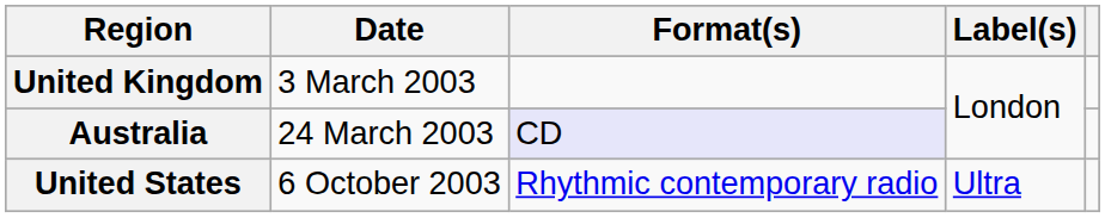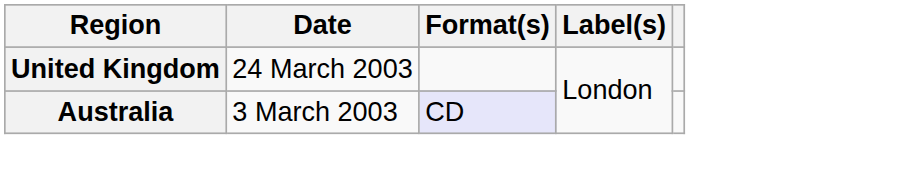 <table class="wikitable plainrowheaders">
 <tr>
 <th scope="col">Region</th>
 <th scope="col">Date</th>
 <th scope="col">Format(s)</th>
 <th scope="col">Label(s)</th>
 <th scope="col"></th>
 </tr>
 <tr>
 <th scope="row">United Kingdom</th>
-<td>3 March 2003</td>
+<td>24 March 2003</td>
 <td></td>
 <td rowspan="2">London</td>
 <td align="center"></td>
 </tr>
 <tr>
 <th scope="row">Australia</th>
-<td>24 March 2003</td>
+<td>3 March 2003</td>
 <td style="background: lavender;">CD</td>
 <td align="center"></td>
 </tr>
-<tr>
-<th scope="row">United States</th>
-<td>6 October 2003</td>
-<td><a href='#'>Rhythmic contemporary radio</a></td>
-<td><a href='#'>Ultra</a></td>
-<td align="center"></td>
-</tr>
 </table>
